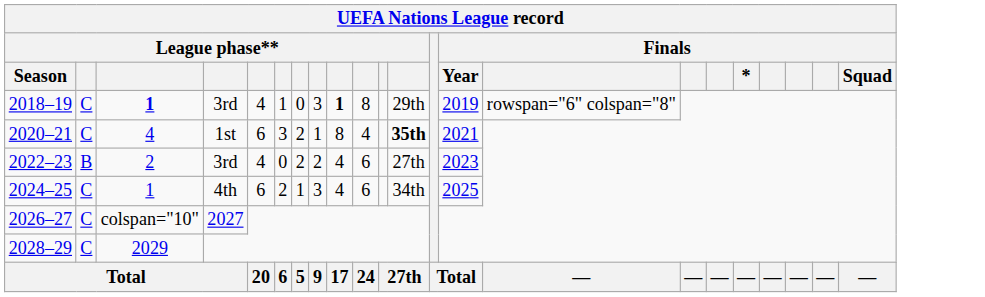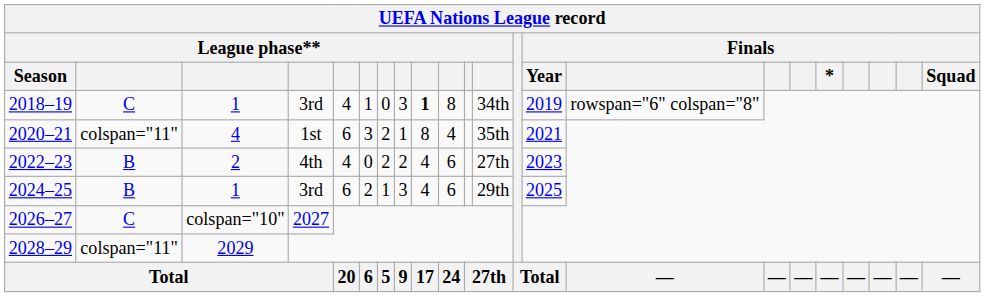 <table class="wikitable" style="text-align:center">
 <tr>
 <th colspan="22"><a href='#'>UEFA Nations League</a> record</th>
 </tr>
 <tr>
 <th colspan="12">League phase**</th>
 <th rowspan="8"></th>
 <th colspan="9">Finals</th>
 </tr>
 <tr>
 <th>Season</th>
 <th></th>
 <th></th>
 <th></th>
 <th></th>
 <th></th>
 <th></th>
 <th></th>
 <th></th>
 <th></th>
 <th></th>
 <th></th>
 <th>Year</th>
 <th></th>
 <th></th>
 <th></th>
 <th>*</th>
 <th></th>
 <th></th>
 <th></th>
 <th>Squad</th>
 </tr>
 <tr>
 <td><a href='#'>2018–19</a></td>
 <td><a href='#'>C</a></td>
-<td><strong><a href='#'>1</a></strong></td>
+<td><a href='#'>1</a></td>
 <td>3rd</td>
 <td>4</td>
 <td>1</td>
 <td>0</td>
 <td>3</td>
 <td><strong>1</strong></td>
 <td>8</td>
 <td></td>
-<td>29th</td>
+<td>34th</td>
 <td> <a href='#'>2019</a></td>
 <td>rowspan="6" colspan="8" </td>
 </tr>
 <tr>
 <td><a href='#'>2020–21</a></td>
-<td><a href='#'>C</a></td>
+<td>colspan="11" </td>
 <td><a href='#'>4</a></td>
 <td>1st</td>
 <td>6</td>
 <td>3</td>
 <td>2</td>
 <td>1</td>
 <td>8</td>
 <td>4</td>
 <td></td>
-<td><strong>35th</strong></td>
+<td>35th</td>
 <td> <a href='#'>2021</a></td>
 </tr>
 <tr>
 <td><a href='#'>2022–23</a></td>
 <td><a href='#'>B</a></td>
 <td><a href='#'>2</a></td>
-<td>3rd</td>
+<td>4th</td>
 <td>4</td>
 <td>0</td>
 <td>2</td>
 <td>2</td>
 <td>4</td>
 <td>6</td>
 <td></td>
 <td>27th</td>
 <td> <a href='#'>2023</a></td>
 </tr>
 <tr>
 <td><a href='#'>2024–25</a></td>
-<td><a href='#'>C</a></td>
+<td><a href='#'>B</a></td>
 <td><a href='#'>1</a></td>
-<td>4th</td>
+<td>3rd</td>
 <td>6</td>
 <td>2</td>
 <td>1</td>
 <td>3</td>
 <td>4</td>
 <td>6</td>
 <td></td>
-<td>34th</td>
+<td>29th</td>
 <td> <a href='#'>2025</a></td>
 </tr>
 <tr>
 <td><a href='#'>2026–27</a></td>
 <td><a href='#'>C</a></td>
 <td>colspan="10" </td>
 <td> <a href='#'>2027</a></td>
 </tr>
 <tr>
 <td><a href='#'>2028–29</a></td>
-<td><a href='#'>C</a></td>
+<td>colspan="11" </td>
 <td> <a href='#'>2029</a></td>
 </tr>
 <tr>
 <th colspan="4">Total</th>
 <th>20</th>
 <th>6</th>
 <th>5</th>
 <th>9</th>
 <th>17</th>
 <th>24</th>
 <th colspan="2">27th</th>
 <th colspan="2">Total</th>
 <th>—</th>
 <th>—</th>
 <th>—</th>
 <th>—</th>
 <th>—</th>
 <th>—</th>
 <th>—</th>
 <th>—</th>
 </tr>
 </table>
